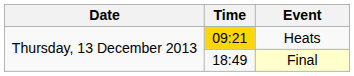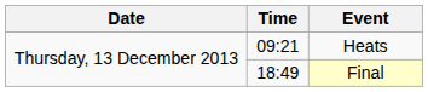 <table class = "wikitable" style="text-align:center;">
 <tr>
 <th width=220>Date</th>
 <th width=50>Time</th>
 <th width=100>Event</th>
 </tr>
 <tr>
 <td rowspan=2>Thursday, 13 December 2013</td>
-<td style="background: gold;">09:21</td>
+<td>09:21</td>
 <td>Heats</td>
 </tr>
 <tr>
 <td>18:49</td>
 <td bgcolor=ffffcc>Final</td>
 </tr>
 </table>
